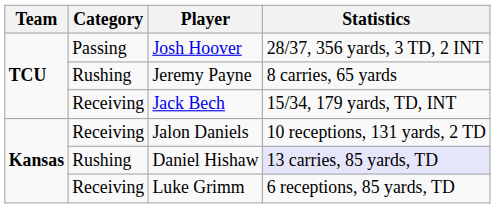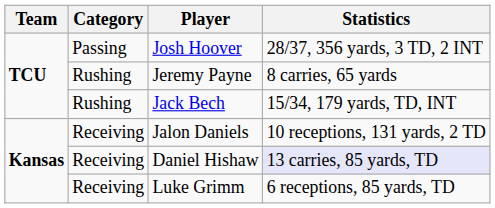 <table class="wikitable" style="float: right;">
 <tr>
 <th>Team</th>
 <th>Category</th>
 <th>Player</th>
 <th>Statistics</th>
 </tr>
 <tr>
 <td rowspan=3><strong>TCU</strong></td>
 <td>Passing</td>
 <td><a href='#'>Josh Hoover</a></td>
 <td>28/37, 356 yards, 3 TD, 2 INT</td>
 </tr>
 <tr>
 <td>Rushing</td>
 <td>Jeremy Payne</td>
 <td>8 carries, 65 yards</td>
 </tr>
 <tr>
-<td>Receiving</td>
+<td>Rushing</td>
 <td><a href='#'>Jack Bech</a></td>
 <td>15/34, 179 yards, TD, INT</td>
 </tr>
 <tr>
 <td rowspan=3><strong>Kansas</strong></td>
 <td>Receiving</td>
 <td>Jalon Daniels</td>
 <td>10 receptions, 131 yards, 2 TD</td>
 </tr>
 <tr>
-<td>Rushing</td>
+<td>Receiving</td>
 <td>Daniel Hishaw</td>
 <td style="background: lavender;">13 carries, 85 yards, TD</td>
 </tr>
 <tr>
 <td>Receiving</td>
 <td>Luke Grimm</td>
 <td>6 receptions, 85 yards, TD</td>
 </tr>
 </table>
